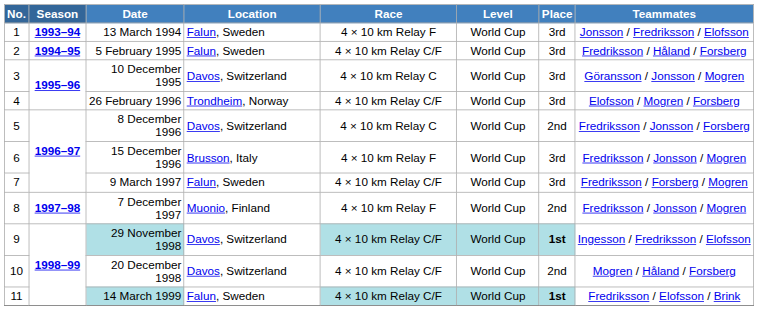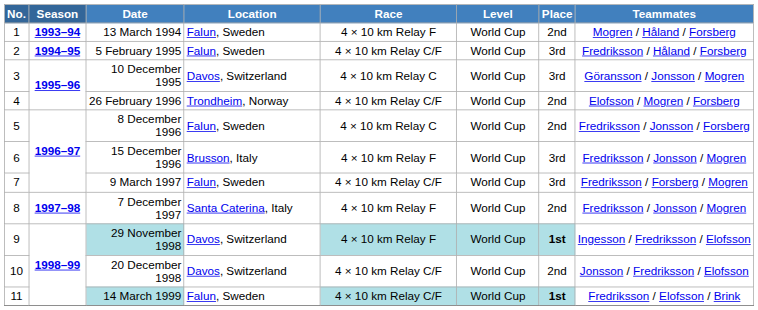 <table class="wikitable sortable" style="font-size:95%; text-align:center; border:grey solid 1px; border-collapse:collapse; background:#ffffff;">
 <tr style="background:#efefef;">
 <th style="background-color:#369; color:white;">No.</th>
 <th style="background-color:#369; color:white;">Season</th>
 <th style="background-color:#4180be; color:white; width:120px;">Date</th>
 <th style="background-color:#4180be; color:white; width:170px;">Location</th>
 <th style="background-color:#4180be; color:white; width:170px;">Race</th>
 <th style="background-color:#4180be; color:white; width:100px;">Level</th>
 <th style="background-color:#4180be; color:white;">Place</th>
 <th style="background-color:#4180be; color:white;">Teammates</th>
 </tr>
 <tr>
 <td align=center>1</td>
 <td rowspan=1 align=center><strong> <a href='#'>1993–94</a> </strong></td>
 <td align=right>13 March 1994</td>
 <td align=left> <a href='#'>Falun</a>, Sweden</td>
 <td>4 × 10 km Relay F</td>
 <td>World Cup</td>
-<td>3rd</td>
-<td><a href='#'>Jonsson</a> / <a href='#'>Fredriksson</a> / <a href='#'>Elofsson</a></td>
+<td>2nd</td>
+<td><a href='#'>Mogren</a> / <a href='#'>Håland</a> / <a href='#'>Forsberg</a></td>
 </tr>
 <tr>
 <td align=center>2</td>
 <td rowspan=1 align=center><strong> <a href='#'>1994–95</a> </strong></td>
 <td align=right>5 February 1995</td>
 <td align=left> <a href='#'>Falun</a>, Sweden</td>
 <td>4 × 10 km Relay C/F</td>
 <td>World Cup</td>
 <td>3rd</td>
 <td><a href='#'>Fredriksson</a> / <a href='#'>Håland</a> / <a href='#'>Forsberg</a></td>
 </tr>
 <tr>
 <td align=center>3</td>
 <td rowspan=2 align=center><strong> <a href='#'>1995–96</a> </strong></td>
 <td align=right>10 December 1995</td>
 <td align=left> <a href='#'>Davos</a>, Switzerland</td>
 <td>4 × 10 km Relay C</td>
 <td>World Cup</td>
 <td>3rd</td>
 <td><a href='#'>Göransson</a> / <a href='#'>Jonsson</a> / <a href='#'>Mogren</a></td>
 </tr>
 <tr>
 <td align=center>4</td>
 <td align=right>26 February 1996</td>
 <td align=left> <a href='#'>Trondheim</a>, Norway</td>
 <td>4 × 10 km Relay C/F</td>
 <td>World Cup</td>
-<td>3rd</td>
+<td>2nd</td>
 <td><a href='#'>Elofsson</a> / <a href='#'>Mogren</a> / <a href='#'>Forsberg</a></td>
 </tr>
 <tr>
 <td align=center>5</td>
 <td rowspan=3 align=center><strong> <a href='#'>1996–97</a> </strong></td>
 <td align=right>8 December 1996</td>
-<td align=left> <a href='#'>Davos</a>, Switzerland</td>
+<td align=left> <a href='#'>Falun</a>, Sweden</td>
 <td>4 × 10 km Relay C</td>
 <td>World Cup</td>
 <td>2nd</td>
 <td><a href='#'>Fredriksson</a> / <a href='#'>Jonsson</a> / <a href='#'>Forsberg</a></td>
 </tr>
 <tr>
 <td align=center>6</td>
 <td align=right>15 December 1996</td>
 <td align=left> <a href='#'>Brusson</a>, Italy</td>
 <td>4 × 10 km Relay F</td>
 <td>World Cup</td>
 <td>3rd</td>
 <td><a href='#'>Fredriksson</a> / <a href='#'>Jonsson</a> / <a href='#'>Mogren</a></td>
 </tr>
 <tr>
 <td align=center>7</td>
 <td align=right>9 March 1997</td>
 <td align=left> <a href='#'>Falun</a>, Sweden</td>
 <td>4 × 10 km Relay C/F</td>
 <td>World Cup</td>
 <td>3rd</td>
 <td><a href='#'>Fredriksson</a> / <a href='#'>Forsberg</a> / <a href='#'>Mogren</a></td>
 </tr>
 <tr>
 <td align=center>8</td>
 <td rowspan=1 align=center><strong> <a href='#'>1997–98</a> </strong></td>
 <td align=right>7 December 1997</td>
-<td align=left> <a href='#'>Muonio</a>, Finland</td>
+<td align=left> <a href='#'>Santa Caterina</a>, Italy</td>
 <td>4 × 10 km Relay F</td>
 <td>World Cup</td>
 <td>2nd</td>
 <td><a href='#'>Fredriksson</a> / <a href='#'>Jonsson</a> / <a href='#'>Mogren</a></td>
 </tr>
 <tr>
 <td align=center>9</td>
 <td rowspan=3 align=center><strong><a href='#'>1998–99</a></strong></td>
 <td bgcolor="#BOEOE6" align=right>29 November 1998</td>
 <td align=left> <a href='#'>Davos</a>, Switzerland</td>
-<td bgcolor="#BOEOE6">4 × 10 km Relay C/F</td>
+<td bgcolor="#BOEOE6">4 × 10 km Relay F</td>
 <td bgcolor="#BOEOE6">World Cup</td>
 <td bgcolor="#BOEOE6"><strong>1st</strong></td>
 <td><a href='#'>Ingesson</a> / <a href='#'>Fredriksson</a> / <a href='#'>Elofsson</a></td>
 </tr>
 <tr>
 <td align=center>10</td>
 <td align=right>20 December 1998</td>
 <td align=left> <a href='#'>Davos</a>, Switzerland</td>
 <td>4 × 10 km Relay C/F</td>
 <td>World Cup</td>
 <td>2nd</td>
-<td><a href='#'>Mogren</a> / <a href='#'>Håland</a> / <a href='#'>Forsberg</a></td>
+<td><a href='#'>Jonsson</a> / <a href='#'>Fredriksson</a> / <a href='#'>Elofsson</a></td>
 </tr>
 <tr>
 <td align=center>11</td>
 <td bgcolor="#BOEOE6" align=right>14 March 1999</td>
 <td align=left> <a href='#'>Falun</a>, Sweden</td>
 <td bgcolor="#BOEOE6">4 × 10 km Relay C/F</td>
 <td bgcolor="#BOEOE6">World Cup</td>
 <td bgcolor="#BOEOE6"><strong>1st</strong></td>
 <td><a href='#'>Fredriksson</a> / <a href='#'>Elofsson</a> / <a href='#'>Brink</a></td>
 </tr>
 <tr>
 </tr>
 </table>
